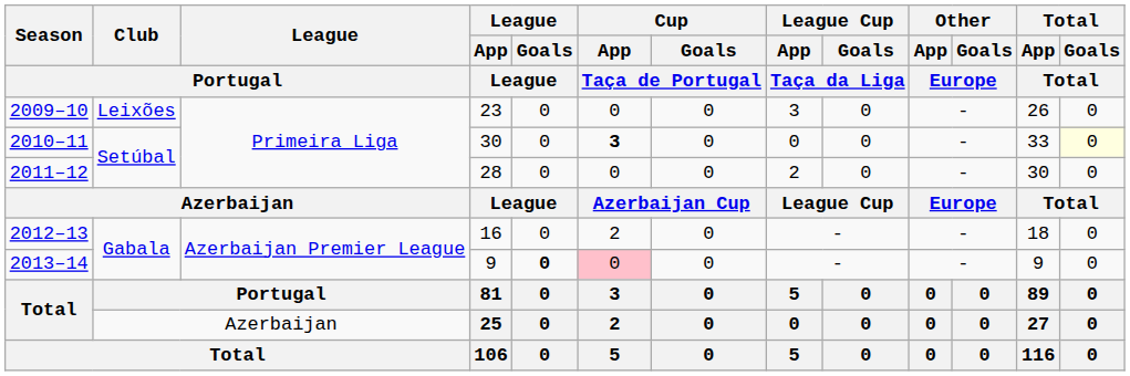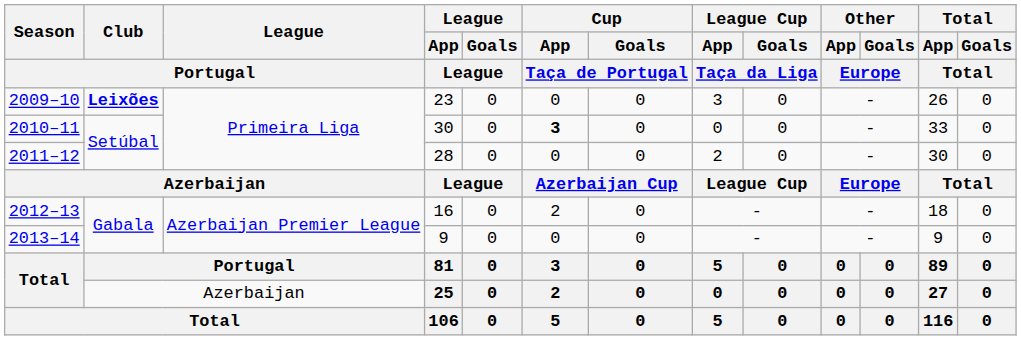 <table class="wikitable">
 <tr>
 <th rowspan=2>Season</th>
 <th ! rowspan=2>Club</th>
 <th ! rowspan=2>League</th>
 <th ! colspan=2>League</th>
 <th ! colspan=2>Cup</th>
 <th ! colspan=2>League Cup</th>
 <th ! colspan=2>Other</th>
 <th colspan=3>Total</th>
 </tr>
 <tr>
 <th>App</th>
 <th>Goals</th>
 <th>App</th>
 <th>Goals</th>
 <th>App</th>
 <th>Goals</th>
 <th>App</th>
 <th>Goals</th>
 <th>App</th>
 <th>Goals</th>
 </tr>
 <tr>
 <th colspan=3>Portugal</th>
 <th ! colspan=2>League</th>
 <th ! colspan=2><a href='#'>Taça de Portugal</a></th>
 <th ! colspan=2><a href='#'>Taça da Liga</a></th>
 <th ! colspan=2><a href='#'>Europe</a></th>
 <th colspan=3>Total</th>
 </tr>
 <tr align=center>
 <td><a href='#'>2009–10</a></td>
-<td><a href='#'>Leixões</a></td>
+<td><strong><a href='#'>Leixões</a></strong></td>
 <td rowspan="3"><a href='#'>Primeira Liga</a></td>
 <td>23</td>
 <td>0</td>
 <td>0</td>
 <td>0</td>
 <td>3</td>
 <td>0</td>
 <td colspan="2">-</td>
 <td>26</td>
 <td>0</td>
 </tr>
 <tr align=center>
 <td><a href='#'>2010–11</a></td>
 <td rowspan="2"><a href='#'>Setúbal</a></td>
 <td>30</td>
 <td>0</td>
 <td><strong>3</strong></td>
 <td>0</td>
 <td>0</td>
 <td>0</td>
 <td colspan="2">-</td>
 <td>33</td>
-<td style="background: lightyellow;">0</td>
+<td>0</td>
 </tr>
 <tr align=center>
 <td><a href='#'>2011–12</a></td>
 <td>28</td>
 <td>0</td>
 <td>0</td>
 <td>0</td>
 <td>2</td>
 <td>0</td>
 <td colspan="2">-</td>
 <td>30</td>
 <td>0</td>
 </tr>
 <tr>
 <th colspan=3>Azerbaijan</th>
 <th ! colspan=2>League</th>
 <th ! colspan=2><a href='#'>Azerbaijan Cup</a></th>
 <th ! colspan=2>League Cup</th>
 <th ! colspan=2><a href='#'>Europe</a></th>
 <th colspan=3>Total</th>
 </tr>
 <tr align=center>
 <td><a href='#'>2012–13</a></td>
 <td rowspan="2"><a href='#'>Gabala</a></td>
 <td rowspan="2"><a href='#'>Azerbaijan Premier League</a></td>
 <td>16</td>
 <td>0</td>
 <td>2</td>
 <td>0</td>
 <td colspan="2">-</td>
 <td colspan="2">-</td>
 <td>18</td>
 <td>0</td>
 </tr>
 <tr align=center>
 <td><a href='#'>2013–14</a></td>
 <td>9</td>
-<td><strong>0</strong></td>
-<td style="background: pink;">0</td>
+<td>0</td>
+<td>0</td>
 <td>0</td>
 <td colspan="2">-</td>
 <td colspan="2">-</td>
 <td>9</td>
 <td>0</td>
 </tr>
 <tr align=center>
 <th rowspan="2">Total</th>
 <th ! colspan="2">Portugal</th>
 <th>81</th>
 <th>0</th>
 <th>3</th>
 <th>0</th>
 <th>5</th>
 <th>0</th>
 <th>0</th>
 <th>0</th>
 <th>89</th>
 <th>0</th>
 </tr>
 <tr align=center>
 <td ! colspan="2">Azerbaijan</td>
 <th>25</th>
 <th>0</th>
 <th>2</th>
 <th>0</th>
 <th>0</th>
 <th>0</th>
 <th>0</th>
 <th>0</th>
 <th>27</th>
 <th>0</th>
 </tr>
 <tr align=center>
 <th colspan="3">Total</th>
 <th>106</th>
 <th>0</th>
 <th>5</th>
 <th>0</th>
 <th>5</th>
 <th>0</th>
 <th>0</th>
 <th>0</th>
 <th>116</th>
 <th>0</th>
 </tr>
 </table>
